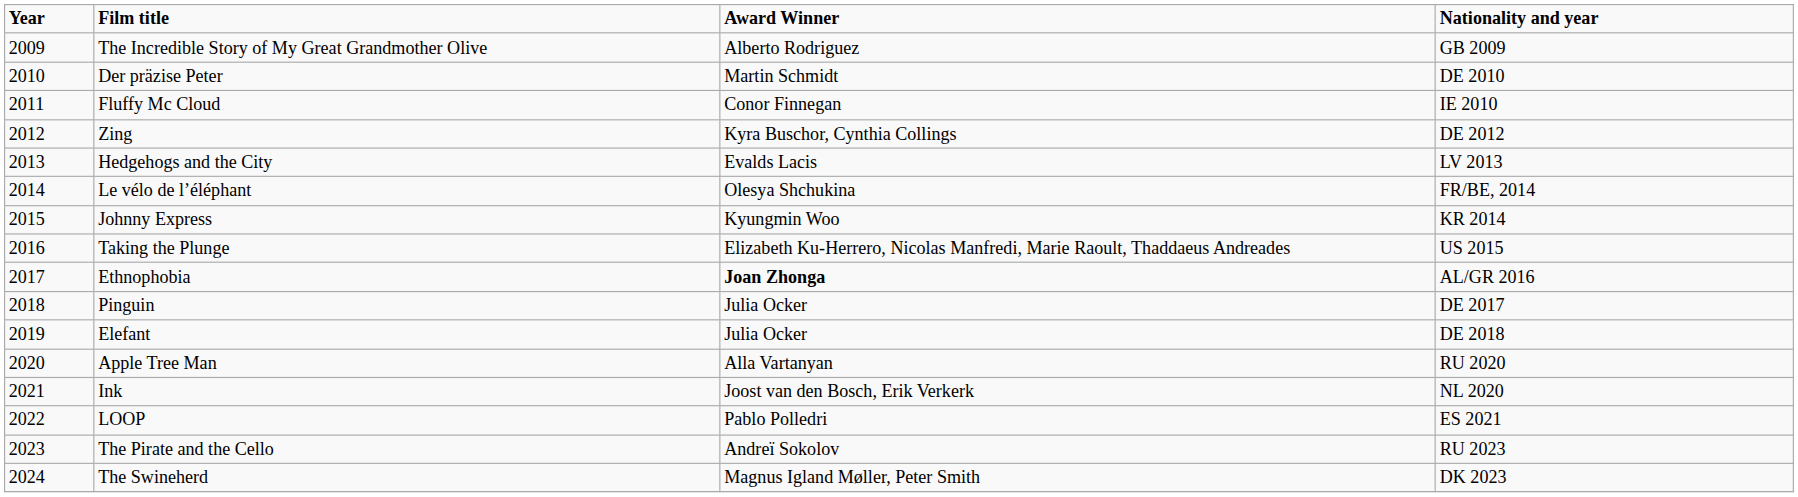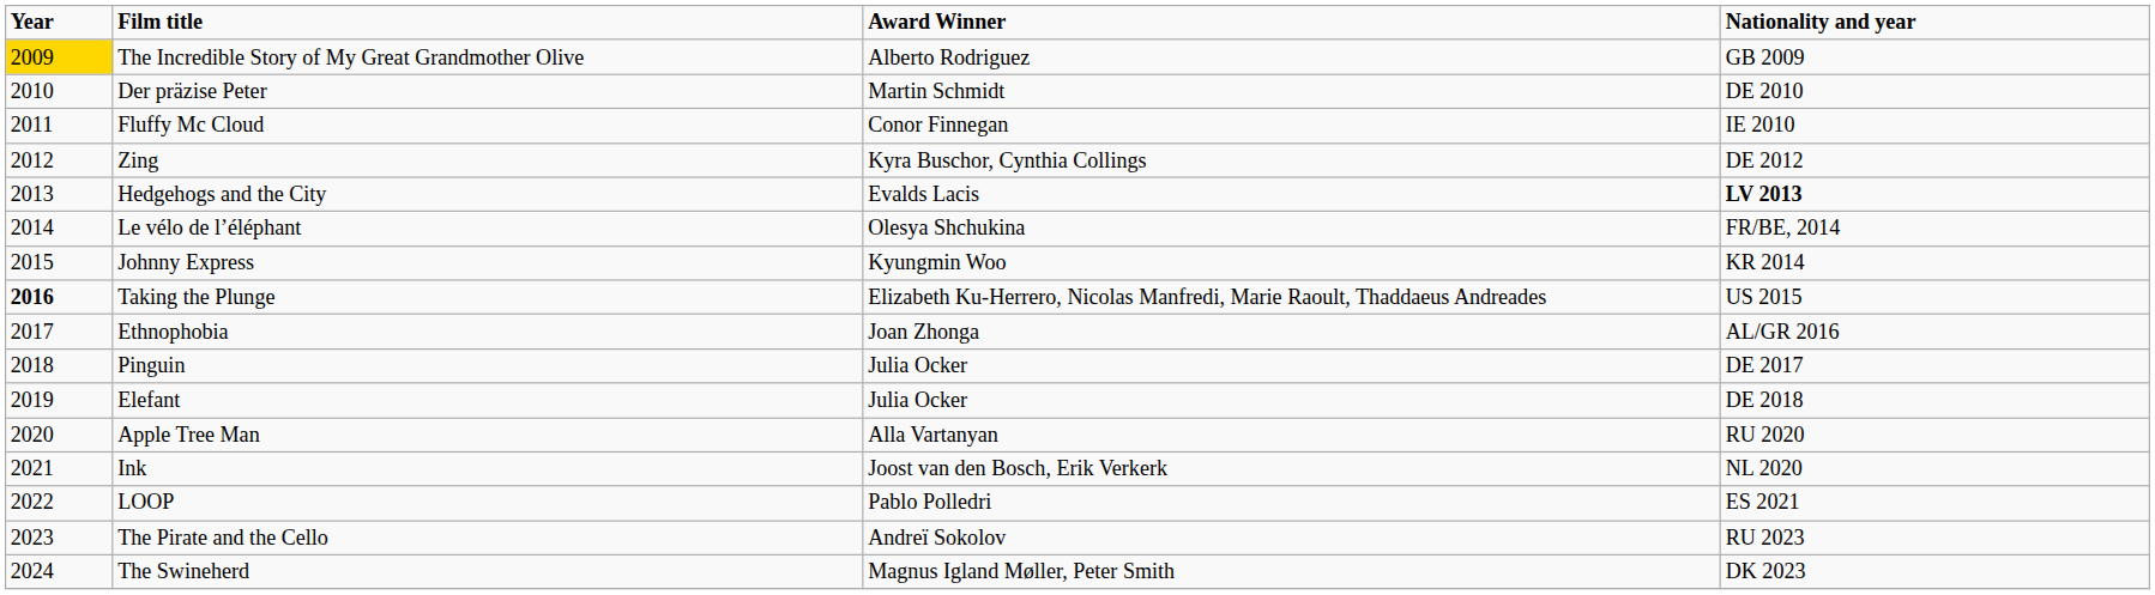 <table class="wikitable" width="100%">
 <tr>
 <td width="5%"><strong>Year</strong></td>
 <td width="35%"><strong>Film title</strong></td>
 <td width="40%"><strong>Award Winner</strong></td>
 <td width="20%"><strong>Nationality and year</strong></td>
 </tr>
 <tr>
-<td>2009</td>
+<td style="background: gold;">2009</td>
 <td>The Incredible Story of My Great Grandmother Olive</td>
 <td>Alberto Rodriguez</td>
 <td>GB 2009</td>
 </tr>
 <tr>
 <td>2010</td>
 <td>Der präzise Peter</td>
 <td>Martin Schmidt</td>
 <td>DE 2010</td>
 </tr>
 <tr>
 <td>2011</td>
 <td>Fluffy Mc Cloud</td>
 <td>Conor Finnegan</td>
 <td>IE 2010</td>
 </tr>
 <tr>
 <td>2012</td>
 <td>Zing</td>
 <td>Kyra Buschor, Cynthia Collings</td>
 <td>DE 2012</td>
 </tr>
 <tr>
 <td>2013</td>
 <td>Hedgehogs and the City</td>
 <td>Evalds Lacis</td>
-<td>LV 2013</td>
+<td><strong>LV 2013</strong></td>
 </tr>
 <tr>
 <td>2014</td>
 <td>Le vélo de l’éléphant </td>
 <td>Olesya Shchukina </td>
 <td>FR/BE, 2014</td>
 </tr>
 <tr>
 <td>2015</td>
 <td>Johnny Express </td>
 <td>Kyungmin Woo </td>
 <td>KR 2014</td>
 </tr>
 <tr>
-<td>2016</td>
+<td><strong>2016</strong></td>
 <td>Taking the Plunge </td>
 <td>Elizabeth Ku-Herrero, Nicolas Manfredi, Marie Raoult, Thaddaeus Andreades </td>
 <td>US 2015</td>
 </tr>
 <tr>
 <td>2017</td>
 <td>Ethnophobia </td>
-<td><strong>Joan Zhonga </strong></td>
+<td>Joan Zhonga </td>
 <td>AL/GR 2016</td>
 </tr>
 <tr>
 <td>2018</td>
 <td>Pinguin </td>
 <td>Julia Ocker </td>
 <td>DE 2017</td>
 </tr>
 <tr>
 <td>2019</td>
 <td>Elefant </td>
 <td>Julia Ocker </td>
 <td>DE 2018</td>
 </tr>
 <tr>
 <td>2020</td>
 <td>Apple Tree Man </td>
 <td>Alla Vartanyan </td>
 <td>RU 2020</td>
 </tr>
 <tr>
 <td>2021</td>
 <td>Ink </td>
 <td>Joost van den Bosch, Erik Verkerk </td>
 <td>NL 2020</td>
 </tr>
 <tr>
 <td>2022</td>
 <td>LOOP </td>
 <td>Pablo Polledri </td>
 <td>ES 2021</td>
 </tr>
 <tr>
 <td>2023</td>
 <td>The Pirate and the Cello </td>
 <td>Andreï Sokolov </td>
 <td>RU 2023</td>
 </tr>
 <tr>
 <td>2024</td>
 <td>The Swineherd </td>
 <td>Magnus Igland Møller, Peter Smith </td>
 <td>DK 2023</td>
 </tr>
 <tr>
 </tr>
 </table>
